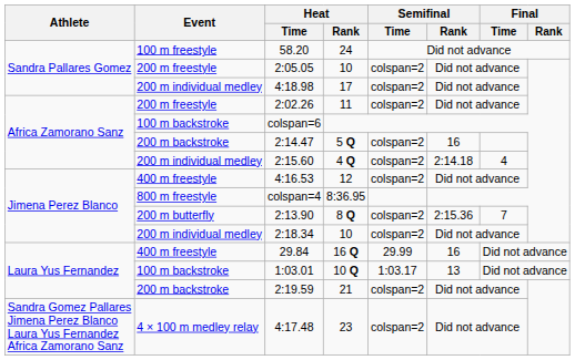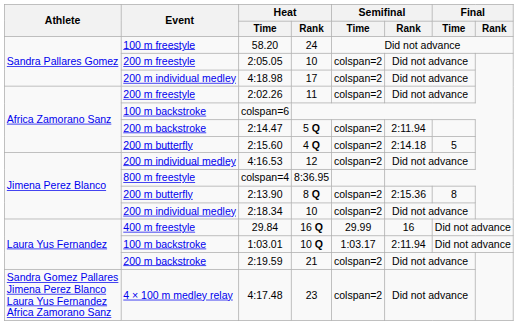 <table class=wikitable style="font-size:90%">
 <tr>
 <th rowspan=2>Athlete</th>
 <th rowspan=2>Event</th>
 <th colspan="2">Heat</th>
 <th colspan="2">Semifinal</th>
 <th colspan="2">Final</th>
 </tr>
 <tr style="font-size:95%">
 <th>Time</th>
 <th>Rank</th>
 <th>Time</th>
 <th>Rank</th>
 <th>Time</th>
 <th>Rank</th>
 </tr>
 <tr align=center>
 <td align=left rowspan=3><a href='#'>Sandra Pallares Gomez</a></td>
 <td align=left><a href='#'>100 m freestyle</a></td>
 <td>58.20</td>
 <td>24</td>
 <td colspan=4>Did not advance</td>
 </tr>
 <tr align=center>
 <td align=left><a href='#'>200 m freestyle</a></td>
 <td>2:05.05</td>
 <td>10</td>
 <td>colspan=2 </td>
 <td colspan=2>Did not advance</td>
 </tr>
 <tr align=center>
 <td align=left><a href='#'>200 m individual medley</a></td>
 <td>4:18.98</td>
 <td>17</td>
 <td>colspan=2 </td>
 <td colspan=2>Did not advance</td>
 </tr>
 <tr align=center>
 <td align=left rowspan=4><a href='#'>Africa Zamorano Sanz</a></td>
 <td align=left><a href='#'>200 m freestyle</a></td>
 <td>2:02.26</td>
 <td>11</td>
 <td>colspan=2 </td>
 <td colspan=2>Did not advance</td>
 </tr>
 <tr align=center>
 <td align=left><a href='#'>100 m backstroke</a></td>
 <td>colspan=6 </td>
 </tr>
 <tr align=center>
 <td align=left><a href='#'>200 m backstroke</a></td>
 <td>2:14.47</td>
 <td>5 <strong>Q</strong></td>
 <td>colspan=2 </td>
-<td>16</td>
+<td>2:11.94</td>
 <td></td>
 </tr>
 <tr align=center>
-<td align=left><a href='#'>200 m individual medley</a></td>
+<td align=left><a href='#'>200 m butterfly</a></td>
 <td>2:15.60</td>
 <td>4 <strong>Q</strong></td>
 <td>colspan=2 </td>
 <td>2:14.18</td>
-<td>4</td>
+<td>5</td>
 </tr>
 <tr align=center>
 <td align=left rowspan=4><a href='#'>Jimena Perez Blanco</a></td>
-<td align=left><a href='#'>400 m freestyle</a></td>
+<td align=left><a href='#'>200 m individual medley</a></td>
 <td>4:16.53</td>
 <td>12</td>
 <td>colspan=2 </td>
 <td colspan=2>Did not advance</td>
 </tr>
 <tr align=center>
 <td align=left><a href='#'>800 m freestyle</a></td>
 <td>colspan=4 </td>
 <td>8:36.95</td>
 <td></td>
 </tr>
 <tr align=center>
 <td align=left><a href='#'>200 m butterfly</a></td>
 <td>2:13.90</td>
 <td>8 <strong>Q</strong></td>
 <td>colspan=2 </td>
 <td>2:15.36</td>
-<td>7</td>
+<td>8</td>
 </tr>
 <tr align=center>
 <td align=left><a href='#'>200 m individual medley</a></td>
 <td>2:18.34</td>
 <td>10</td>
 <td>colspan=2 </td>
 <td colspan=2>Did not advance</td>
 </tr>
 <tr align=center>
 <td align=left rowspan=3><a href='#'>Laura Yus Fernandez</a></td>
 <td align=left><a href='#'>400 m freestyle</a></td>
 <td>29.84</td>
 <td>16 <strong>Q</strong></td>
 <td>29.99</td>
 <td>16</td>
 <td colspan=2>Did not advance</td>
 </tr>
 <tr align=center>
 <td align=left><a href='#'>100 m backstroke</a></td>
 <td>1:03.01</td>
 <td>10 <strong>Q</strong></td>
 <td>1:03.17</td>
-<td>13</td>
+<td>2:11.94</td>
 <td colspan=2>Did not advance</td>
 </tr>
 <tr align=center>
 <td align=left><a href='#'>200 m backstroke</a></td>
 <td>2:19.59</td>
 <td>21</td>
 <td>colspan=2 </td>
 <td colspan=2>Did not advance</td>
 </tr>
 <tr align=center>
 <td align=left><a href='#'>Sandra Gomez Pallares</a><br><a href='#'>Jimena Perez Blanco</a><br><a href='#'>Laura Yus Fernandez</a><br><a href='#'>Africa Zamorano Sanz</a></td>
 <td align=left><a href='#'>4 × 100 m medley relay</a></td>
 <td>4:17.48</td>
 <td>23</td>
 <td>colspan=2 </td>
 <td colspan=2>Did not advance</td>
 </tr>
 </table>
